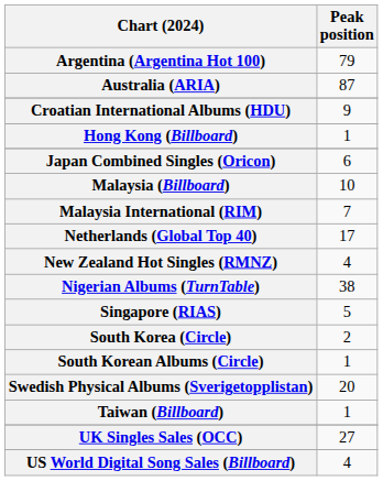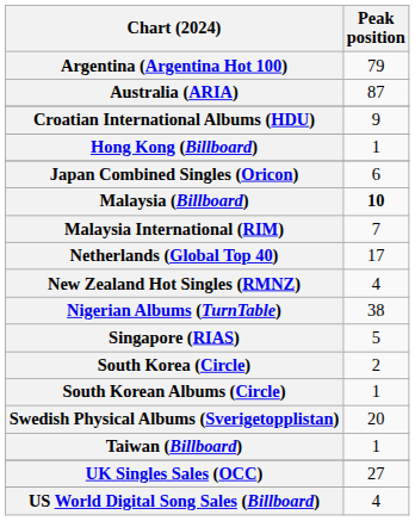 <table class="wikitable sortable plainrowheaders" style="text-align:center">
 <tr>
 <th scope="col">Chart (2024)</th>
 <th scope="col">Peak<br>position</th>
 </tr>
 <tr>
 <th scope="row">Argentina (<a href='#'>Argentina Hot 100</a>)</th>
 <td>79</td>
 </tr>
 <tr>
 <th scope="row">Australia (<a href='#'>ARIA</a>)</th>
 <td>87</td>
 </tr>
 <tr>
 </tr>
 <tr>
 <th scope="row">Croatian International Albums (<a href='#'>HDU</a>)</th>
 <td>9</td>
 </tr>
 <tr>
 </tr>
 <tr>
 <th scope="row"><a href='#'>Hong Kong</a> (<em><a href='#'>Billboard</a></em>)</th>
 <td>1</td>
 </tr>
 <tr>
 </tr>
 <tr>
 </tr>
 <tr>
 <th scope="row">Japan Combined Singles (<a href='#'>Oricon</a>)</th>
 <td>6</td>
 </tr>
 <tr>
 <th scope="row">Malaysia (<em><a href='#'>Billboard</a></em>)</th>
-<td>10</td>
+<td><strong>10</strong></td>
 </tr>
 <tr>
 <th scope="row">Malaysia International (<a href='#'>RIM</a>)</th>
 <td>7</td>
 </tr>
 <tr>
 <th scope="row">Netherlands (<a href='#'>Global Top 40</a>)</th>
 <td>17</td>
 </tr>
 <tr>
 <th scope="row">New Zealand Hot Singles (<a href='#'>RMNZ</a>)</th>
 <td>4</td>
 </tr>
 <tr>
 <th scope="row"><a href='#'>Nigerian Albums</a> (<em><a href='#'>TurnTable</a></em>)</th>
 <td>38</td>
 </tr>
 <tr>
 <th scope="row">Singapore (<a href='#'>RIAS</a>)</th>
 <td>5</td>
 </tr>
 <tr>
 <th scope="row">South Korea (<a href='#'>Circle</a>)</th>
 <td>2</td>
 </tr>
 <tr>
 <th scope="row">South Korean Albums (<a href='#'>Circle</a>)</th>
 <td>1</td>
 </tr>
 <tr>
 <th scope="row">Swedish Physical Albums (<a href='#'>Sverigetopplistan</a>)</th>
 <td>20</td>
 </tr>
 <tr>
 <th scope="row">Taiwan (<em><a href='#'>Billboard</a></em>)</th>
 <td>1</td>
 </tr>
 <tr>
 </tr>
 <tr>
 <th scope="row"><a href='#'>UK Singles Sales</a> (<a href='#'>OCC</a>)</th>
 <td>27</td>
 </tr>
 <tr>
 </tr>
 <tr>
 <th scope="row">US <a href='#'>World Digital Song Sales</a> (<em><a href='#'>Billboard</a></em>)</th>
 <td>4</td>
 </tr>
 </table>
